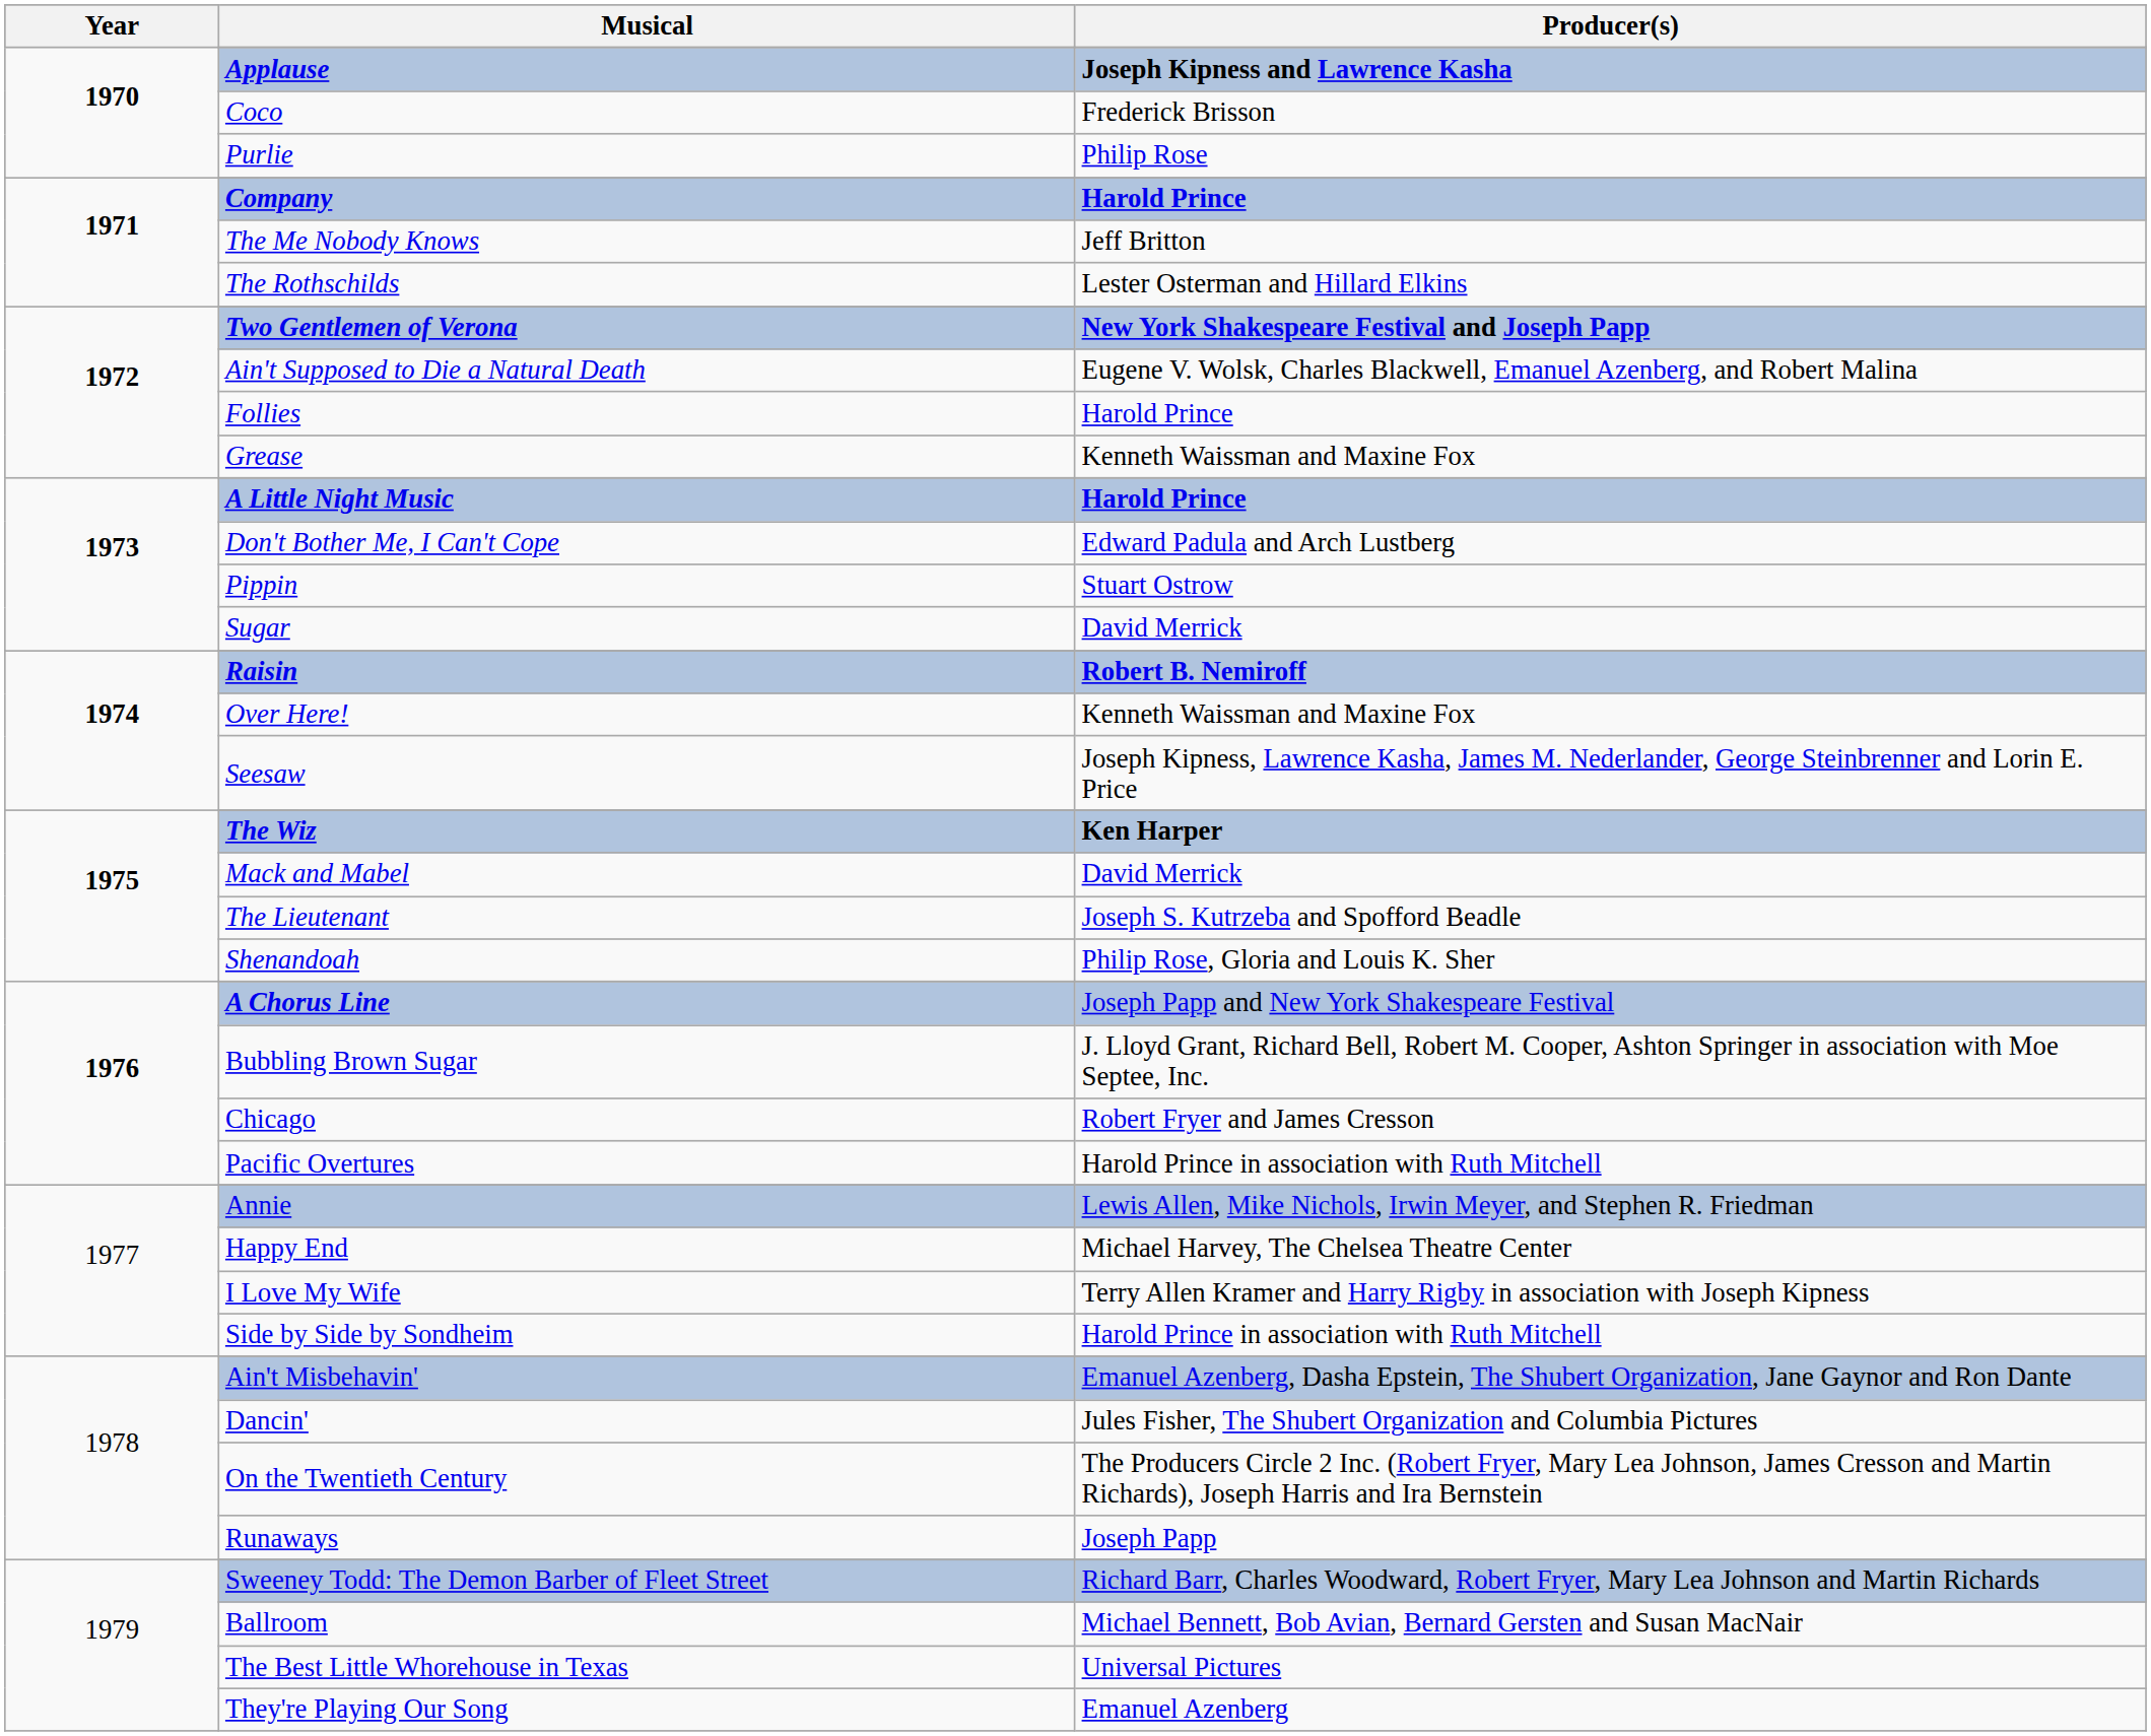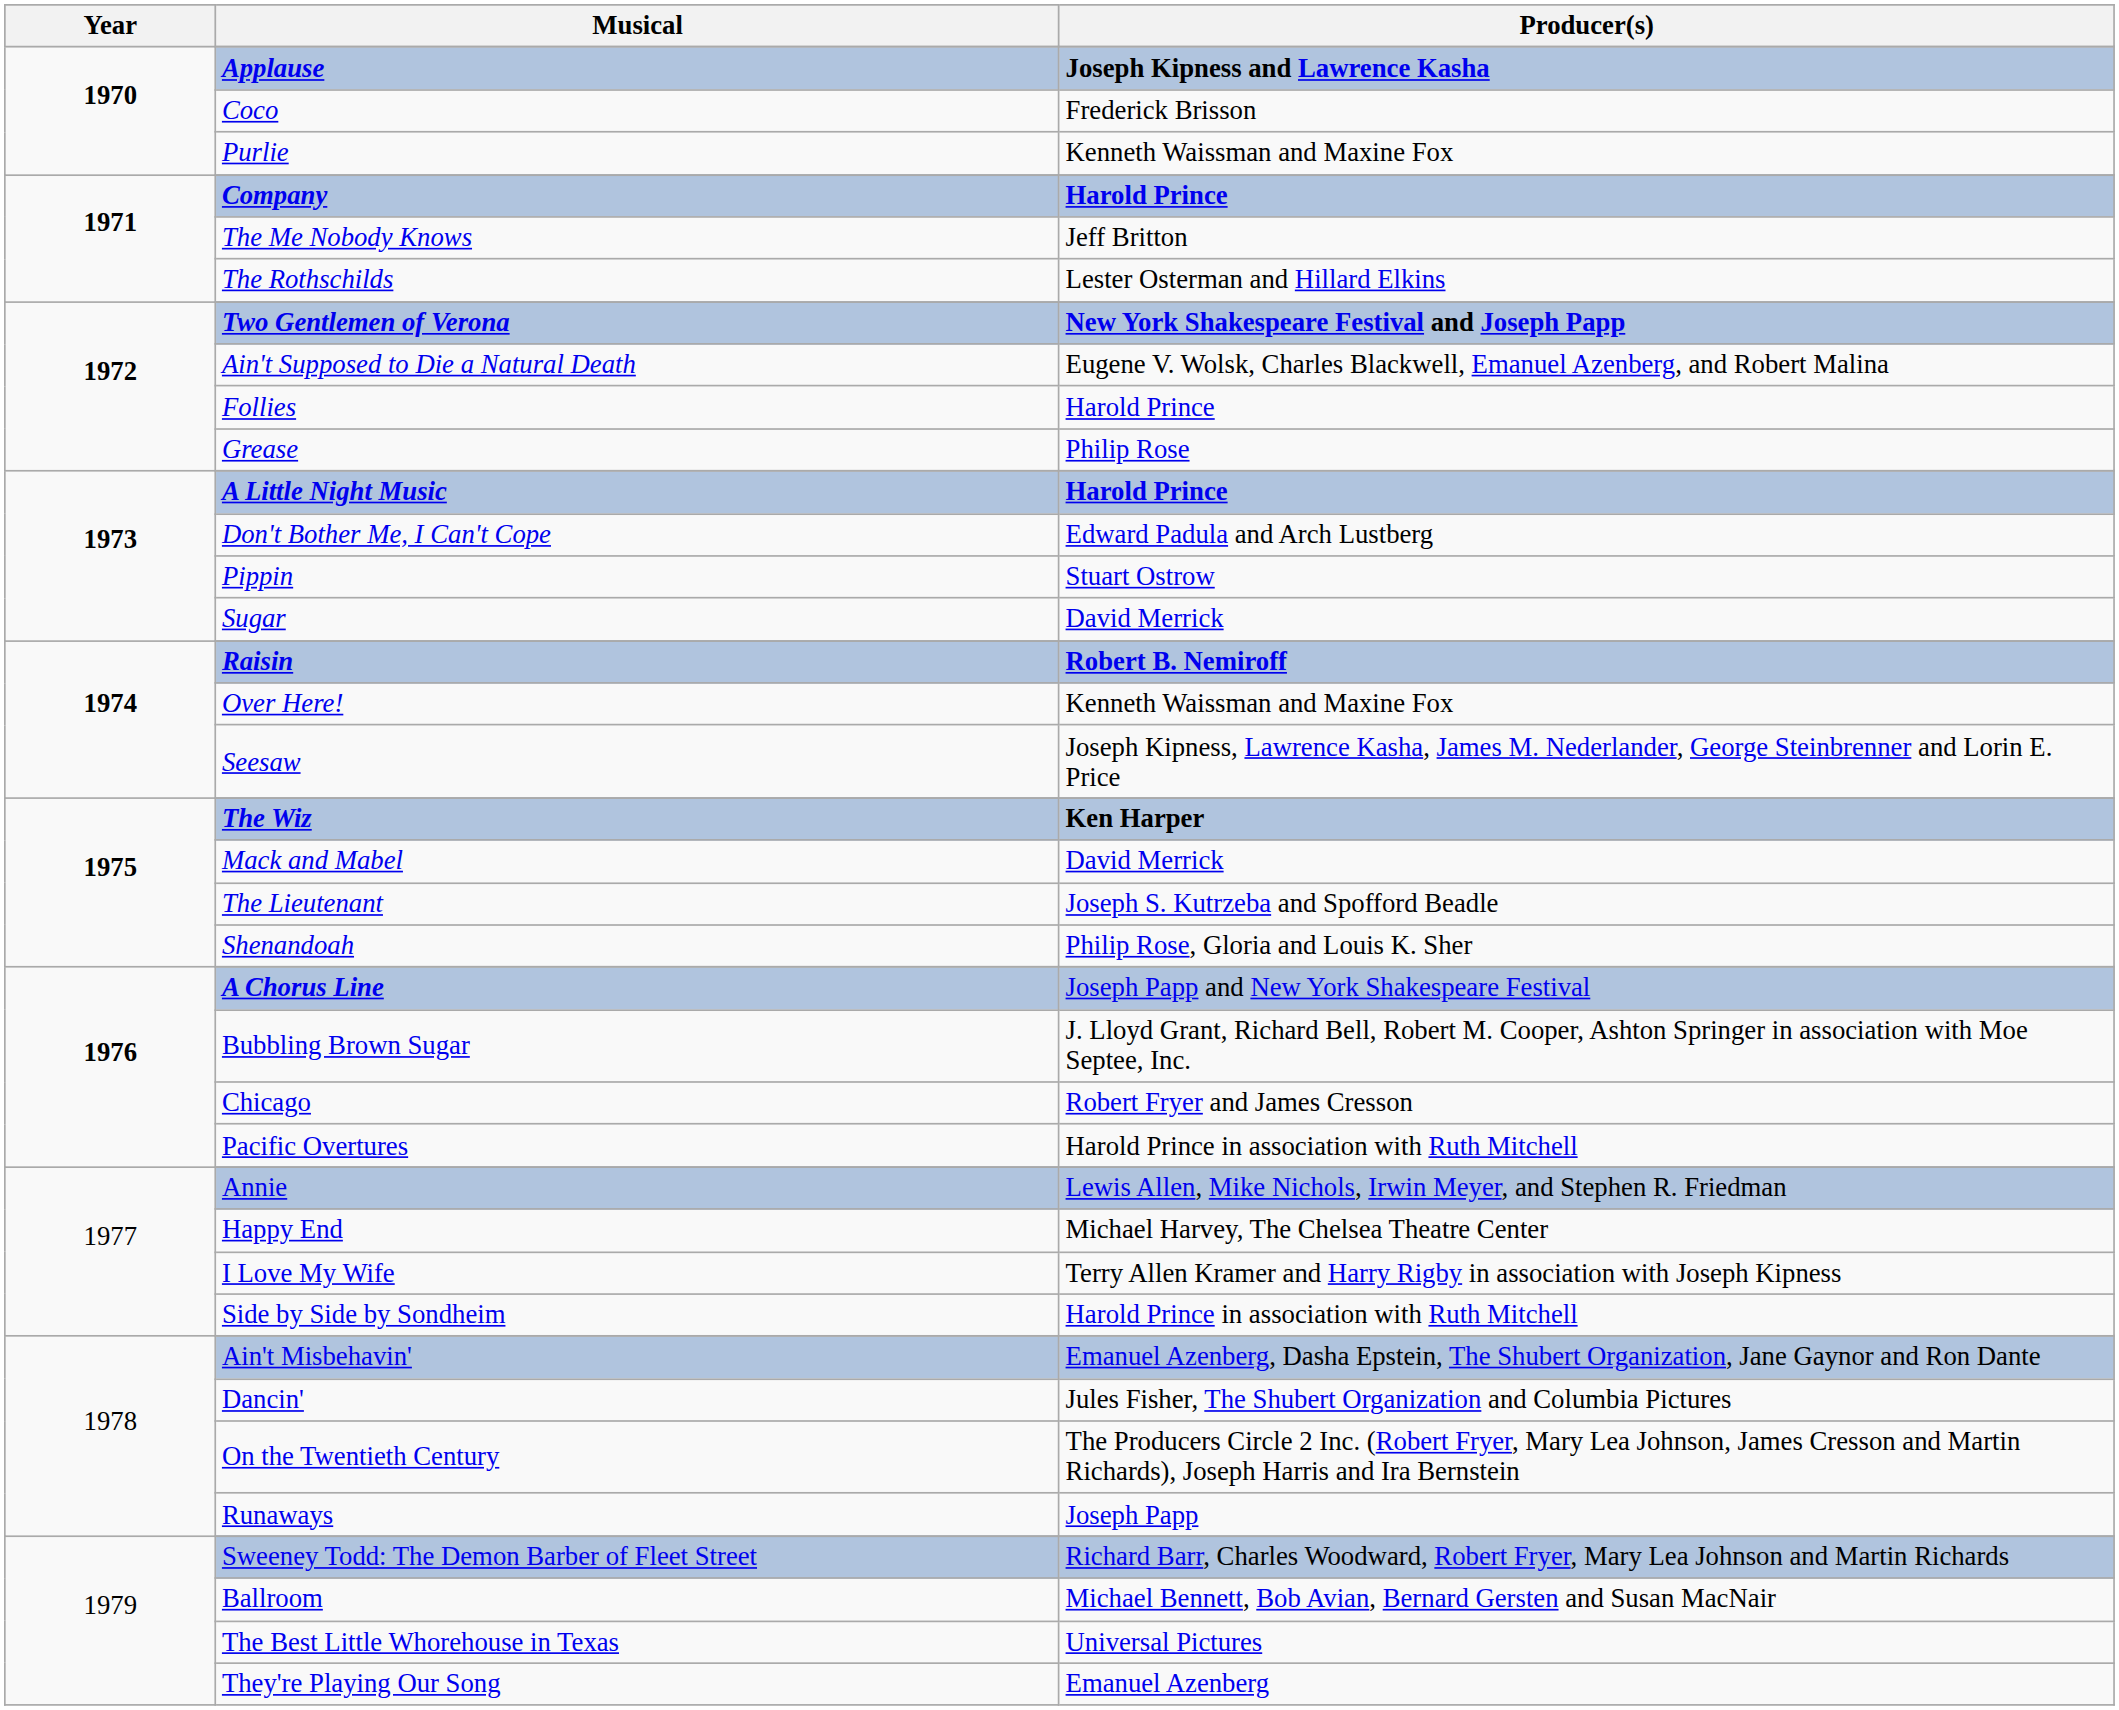 <table class="wikitable" style="width:100%;">
 <tr style="background:#bebebe;">
 <th style="width:10%;">Year</th>
 <th style="width:40%;">Musical</th>
 <th style="width:50%;">Producer(s)</th>
 </tr>
 <tr>
 <td rowspan="4" align="center"><strong>1970</strong><br><br></td>
 </tr>
 <tr style="background:#B0C4DE">
 <td><em><a href='#'><strong>Applause</strong></a></em><br><strong></strong></td>
 <td><strong>Joseph Kipness and <a href='#'>Lawrence Kasha</a></strong></td>
 </tr>
 <tr>
 <td><em><a href='#'>Coco</a></em><br></td>
 <td>Frederick Brisson</td>
 </tr>
 <tr>
 <td><em><a href='#'>Purlie</a></em><br></td>
-<td><a href='#'>Philip Rose</a></td>
+<td>Kenneth Waissman and Maxine Fox</td>
 </tr>
 <tr>
 <td rowspan="4" align="center"><strong>1971</strong><br><br></td>
 </tr>
 <tr style="background:#B0C4DE">
 <td><em><a href='#'><strong>Company</strong></a></em><br><strong></strong></td>
 <td><strong><a href='#'>Harold Prince</a></strong></td>
 </tr>
 <tr>
 <td><em><a href='#'>The Me Nobody Knows</a></em><br></td>
 <td>Jeff Britton</td>
 </tr>
 <tr>
 <td><em><a href='#'>The Rothschilds</a></em><br></td>
 <td>Lester Osterman and <a href='#'>Hillard Elkins</a></td>
 </tr>
 <tr>
 <td rowspan="5" align="center"><strong>1972</strong><br><br></td>
 </tr>
 <tr style="background:#B0C4DE">
 <td><em><a href='#'><strong>Two Gentlemen of Verona</strong></a></em><br><strong></strong></td>
 <td><strong><a href='#'>New York Shakespeare Festival</a> and <a href='#'>Joseph Papp</a></strong></td>
 </tr>
 <tr>
 <td><em><a href='#'>Ain't Supposed to Die a Natural Death</a></em><br></td>
 <td>Eugene V. Wolsk, Charles Blackwell, <a href='#'>Emanuel Azenberg</a>, and Robert Malina</td>
 </tr>
 <tr>
 <td><em><a href='#'>Follies</a></em><br></td>
 <td><a href='#'>Harold Prince</a></td>
 </tr>
 <tr>
 <td><em><a href='#'>Grease</a></em><br></td>
-<td>Kenneth Waissman and Maxine Fox</td>
+<td><a href='#'>Philip Rose</a></td>
 </tr>
 <tr>
 <td rowspan="5" align="center"><strong>1973</strong><br><br></td>
 </tr>
 <tr style="background:#B0C4DE">
 <td><strong><em><a href='#'>A Little Night Music</a></em></strong><br><strong></strong></td>
 <td><strong><a href='#'>Harold Prince</a></strong></td>
 </tr>
 <tr>
 <td><em><a href='#'>Don't Bother Me, I Can't Cope</a></em><br></td>
 <td><a href='#'>Edward Padula</a> and Arch Lustberg</td>
 </tr>
 <tr>
 <td><em><a href='#'>Pippin</a></em><br></td>
 <td><a href='#'>Stuart Ostrow</a></td>
 </tr>
 <tr>
 <td><em><a href='#'>Sugar</a></em><br></td>
 <td><a href='#'>David Merrick</a></td>
 </tr>
 <tr>
 <td rowspan="4" align="center"><strong>1974</strong><br><br></td>
 </tr>
 <tr style="background:#B0C4DE">
 <td><em><a href='#'><strong>Raisin</strong></a></em><br><strong></strong></td>
 <td><strong><a href='#'>Robert B. Nemiroff</a></strong></td>
 </tr>
 <tr>
 <td><em><a href='#'>Over Here!</a></em><br></td>
 <td>Kenneth Waissman and Maxine Fox</td>
 </tr>
 <tr>
 <td><em><a href='#'>Seesaw</a></em><br></td>
 <td>Joseph Kipness, <a href='#'>Lawrence Kasha</a>, <a href='#'>James M. Nederlander</a>, <a href='#'>George Steinbrenner</a> and Lorin E. Price</td>
 </tr>
 <tr>
 <td rowspan="5" align="center"><strong>1975</strong><br><br></td>
 </tr>
 <tr style="background:#B0C4DE">
 <td><strong><em><a href='#'>The Wiz</a></em></strong><br><strong></strong></td>
 <td><strong>Ken Harper</strong></td>
 </tr>
 <tr>
 <td><em><a href='#'>Mack and Mabel</a></em><br></td>
 <td><a href='#'>David Merrick</a></td>
 </tr>
 <tr>
 <td><em><a href='#'>The Lieutenant</a></em><br></td>
 <td><a href='#'>Joseph S. Kutrzeba</a> and Spofford Beadle</td>
 </tr>
 <tr>
 <td><em><a href='#'>Shenandoah</a></em><br></td>
 <td><a href='#'>Philip Rose</a>, Gloria and Louis K. Sher</td>
 </tr>
 <tr>
 <td rowspan="5" align="center"><strong>1976</strong><br><br></td>
 </tr>
 <tr style="background:#B0C4DE">
 <td><strong><em><a href='#'>A Chorus Line</a><em> <strong><br></strong><strong></td>
 <td></strong><a href='#'>Joseph Papp</a> and <a href='#'>New York Shakespeare Festival</a><strong></td>
 </tr>
 <tr>
 <td></em><a href='#'>Bubbling Brown Sugar</a><em><br></td>
 <td>J. Lloyd Grant, Richard Bell, Robert M. Cooper, Ashton Springer in association with Moe Septee, Inc.</td>
 </tr>
 <tr>
 <td></em><a href='#'>Chicago</a><em><br></td>
 <td><a href='#'>Robert Fryer</a> and James Cresson</td>
 </tr>
 <tr>
 <td></em><a href='#'>Pacific Overtures</a><em><br></td>
 <td>Harold Prince in association with <a href='#'>Ruth Mitchell</a></td>
 </tr>
 <tr>
 <td rowspan="5" align="center"></strong>1977<strong><br><br></td>
 </tr>
 <tr style="background:#B0C4DE">
 <td></em><a href='#'></strong>Annie<strong></a><em><br></strong><strong></td>
 <td></strong><a href='#'>Lewis Allen</a>, <a href='#'>Mike Nichols</a>, <a href='#'>Irwin Meyer</a>, and Stephen R. Friedman<strong></td>
 </tr>
 <tr>
 <td></em><a href='#'>Happy End</a><em><br></td>
 <td>Michael Harvey, The Chelsea Theatre Center</td>
 </tr>
 <tr>
 <td></em><a href='#'>I Love My Wife</a><em><br></td>
 <td>Terry Allen Kramer and <a href='#'>Harry Rigby</a> in association with Joseph Kipness</td>
 </tr>
 <tr>
 <td></em><a href='#'>Side by Side by Sondheim</a><em><br></td>
 <td><a href='#'>Harold Prince</a> in association with <a href='#'>Ruth Mitchell</a></td>
 </tr>
 <tr>
 <td rowspan="5" align="center"></strong>1978<strong><br><br></td>
 </tr>
 <tr style="background:#B0C4DE">
 <td></em><a href='#'></strong>Ain't Misbehavin'<strong></a><em><br></strong><strong></td>
 <td></strong><a href='#'>Emanuel Azenberg</a>, Dasha Epstein, <a href='#'>The Shubert Organization</a>, Jane Gaynor and Ron Dante<strong></td>
 </tr>
 <tr>
 <td></em><a href='#'>Dancin'</a><em><br></td>
 <td>Jules Fisher, <a href='#'>The Shubert Organization</a> and Columbia Pictures</td>
 </tr>
 <tr>
 <td></em><a href='#'>On the Twentieth Century</a><em><br></td>
 <td>The Producers Circle 2 Inc. (<a href='#'>Robert Fryer</a>, Mary Lea Johnson, James Cresson and Martin Richards), Joseph Harris and Ira Bernstein</td>
 </tr>
 <tr>
 <td></em><a href='#'>Runaways</a><em><br></td>
 <td><a href='#'>Joseph Papp</a></td>
 </tr>
 <tr>
 <td rowspan="5" align="center"></strong>1979<strong><br><br></td>
 </tr>
 <tr style="background:#B0C4DE">
 <td></em></strong><a href='#'>Sweeney Todd: The Demon Barber of Fleet Street</a><strong><em><br></strong><strong></td>
 <td></strong><a href='#'>Richard Barr</a>, Charles Woodward, <a href='#'>Robert Fryer</a>, Mary Lea Johnson and Martin Richards<strong></td>
 </tr>
 <tr>
 <td></em><a href='#'>Ballroom</a><em><br></td>
 <td><a href='#'>Michael Bennett</a>, <a href='#'>Bob Avian</a>, <a href='#'>Bernard Gersten</a> and Susan MacNair</td>
 </tr>
 <tr>
 <td></em><a href='#'>The Best Little Whorehouse in Texas</a><em><br></td>
 <td><a href='#'>Universal Pictures</a></td>
 </tr>
 <tr>
 <td></em><a href='#'>They're Playing Our Song</a><em><br></td>
 <td><a href='#'>Emanuel Azenberg</a></td>
 </tr>
 </table>
